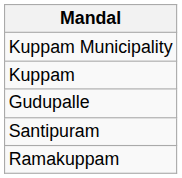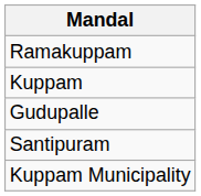 <table class="wikitable sortable static-row-numbers static-row-header-hash">
 <tr>
 <th>Mandal</th>
 </tr>
 <tr>
-<td>Kuppam Municipality</td>
+<td>Ramakuppam</td>
 </tr>
 <tr>
 <td>Kuppam</td>
 </tr>
 <tr>
 <td>Gudupalle</td>
 </tr>
 <tr>
 <td>Santipuram</td>
 </tr>
 <tr>
-<td>Ramakuppam</td>
+<td>Kuppam Municipality</td>
 </tr>
 </table>
